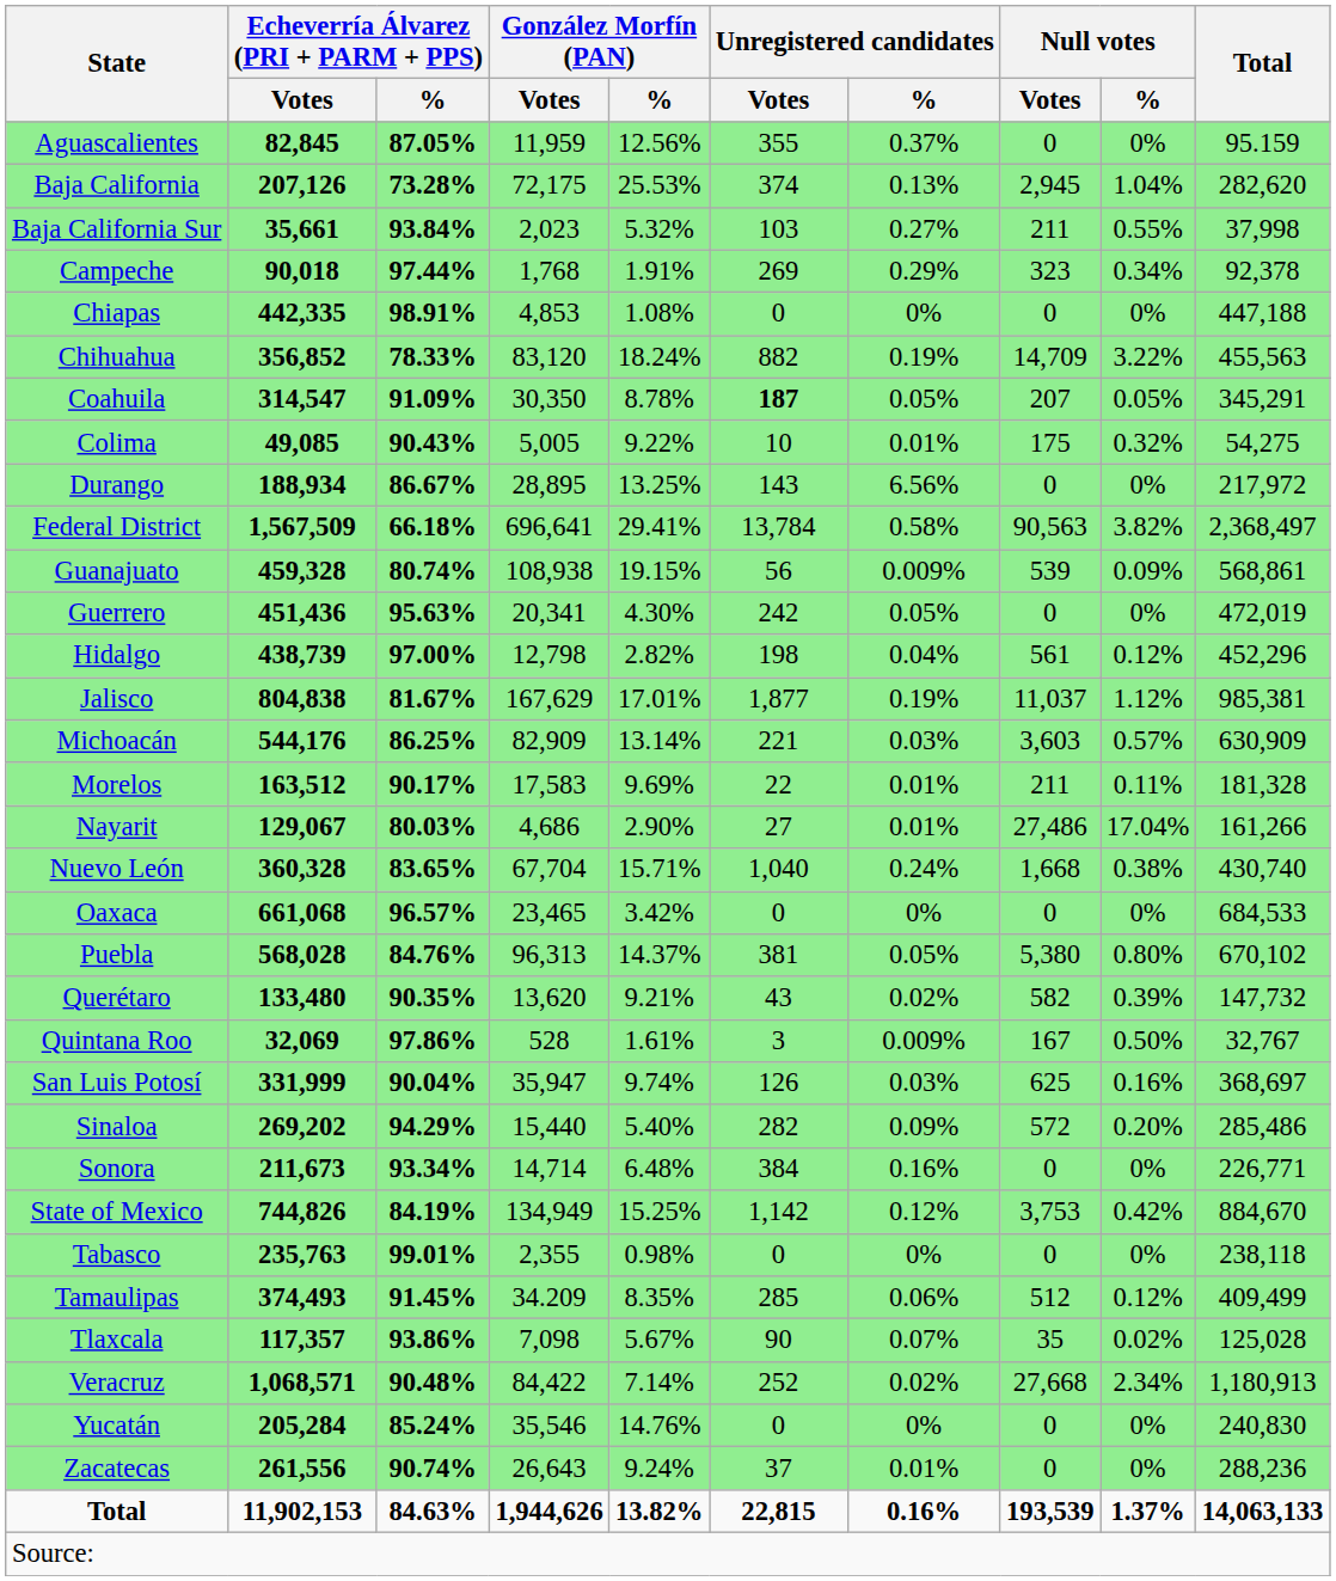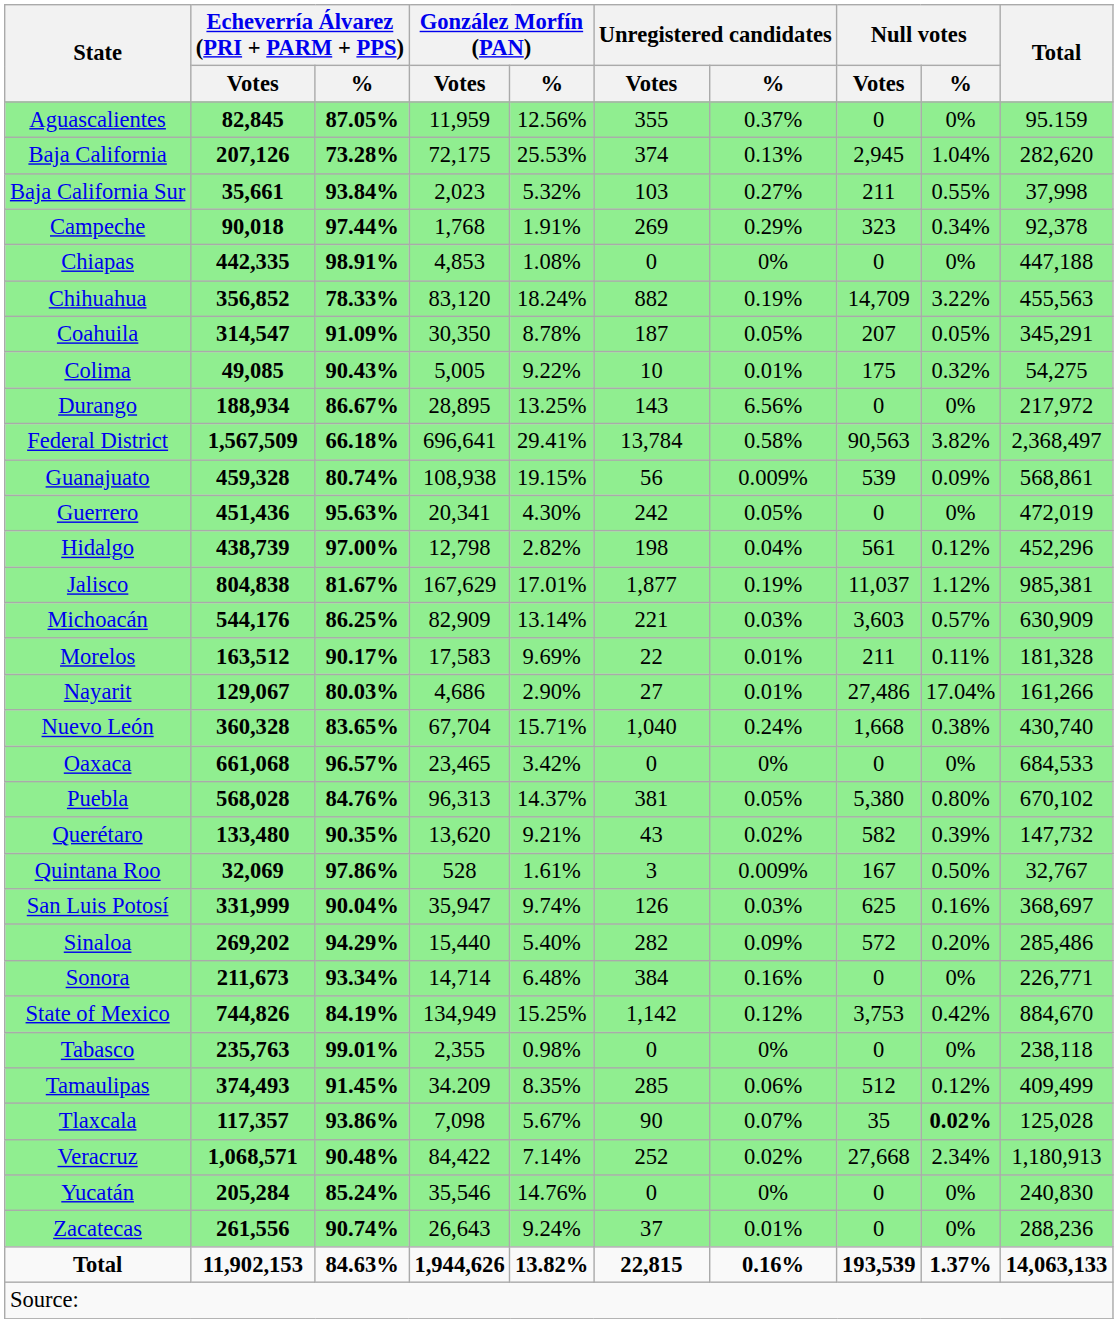 <table class="wikitable sortable"  style="text-align: center;">
 <tr>
 <th rowspan=2>State</th>
 <th colspan=2><a href='#'>Echeverría Álvarez</a><br>(<a href='#'>PRI</a> + <a href='#'>PARM</a> + <a href='#'>PPS</a>)</th>
 <th colspan=2><a href='#'>González Morfín</a><br>(<a href='#'>PAN</a>)</th>
 <th colspan=2>Unregistered candidates</th>
 <th colspan=2>Null votes</th>
 <th rowspan=2 colspan=1>Total</th>
 </tr>
 <tr>
 <th>Votes</th>
 <th>%</th>
 <th>Votes</th>
 <th>%</th>
 <th>Votes</th>
 <th>%</th>
 <th>Votes</th>
 <th>%</th>
 </tr>
 <tr bgcolor=lightgreen>
 <td><a href='#'>Aguascalientes</a></td>
 <td><strong>82,845</strong></td>
 <td><strong>87.05%</strong></td>
 <td>11,959</td>
 <td>12.56%</td>
 <td>355</td>
 <td>0.37%</td>
 <td>0</td>
 <td>0%</td>
 <td>95.159</td>
 </tr>
 <tr bgcolor=lightgreen>
 <td><a href='#'>Baja California</a></td>
 <td><strong>207,126</strong></td>
 <td><strong>73.28%</strong></td>
 <td>72,175</td>
 <td>25.53%</td>
 <td>374</td>
 <td>0.13%</td>
 <td>2,945</td>
 <td>1.04%</td>
 <td>282,620</td>
 </tr>
 <tr bgcolor=lightgreen>
 <td><a href='#'>Baja California Sur</a></td>
 <td><strong>35,661</strong></td>
 <td><strong>93.84%</strong></td>
 <td>2,023</td>
 <td>5.32%</td>
 <td>103</td>
 <td>0.27%</td>
 <td>211</td>
 <td>0.55%</td>
 <td>37,998</td>
 </tr>
 <tr bgcolor=lightgreen>
 <td><a href='#'>Campeche</a></td>
 <td><strong>90,018</strong></td>
 <td><strong>97.44%</strong></td>
 <td>1,768</td>
 <td>1.91%</td>
 <td>269</td>
 <td>0.29%</td>
 <td>323</td>
 <td>0.34%</td>
 <td>92,378</td>
 </tr>
 <tr bgcolor=lightgreen>
 <td><a href='#'>Chiapas</a></td>
 <td><strong>442,335</strong></td>
 <td><strong>98.91%</strong></td>
 <td>4,853</td>
 <td>1.08%</td>
 <td>0</td>
 <td>0%</td>
 <td>0</td>
 <td>0%</td>
 <td>447,188</td>
 </tr>
 <tr bgcolor=lightgreen>
 <td><a href='#'>Chihuahua</a></td>
 <td><strong>356,852</strong></td>
 <td><strong>78.33%</strong></td>
 <td>83,120</td>
 <td>18.24%</td>
 <td>882</td>
 <td>0.19%</td>
 <td>14,709</td>
 <td>3.22%</td>
 <td>455,563</td>
 </tr>
 <tr bgcolor=lightgreen>
 <td><a href='#'>Coahuila</a></td>
 <td><strong>314,547</strong></td>
 <td><strong>91.09%</strong></td>
 <td>30,350</td>
 <td>8.78%</td>
-<td><strong>187</strong></td>
+<td>187</td>
 <td>0.05%</td>
 <td>207</td>
 <td>0.05%</td>
 <td>345,291</td>
 </tr>
 <tr bgcolor=lightgreen>
 <td><a href='#'>Colima</a></td>
 <td><strong>49,085</strong></td>
 <td><strong>90.43%</strong></td>
 <td>5,005</td>
 <td>9.22%</td>
 <td>10</td>
 <td>0.01%</td>
 <td>175</td>
 <td>0.32%</td>
 <td>54,275</td>
 </tr>
 <tr bgcolor=lightgreen>
 <td><a href='#'>Durango</a></td>
 <td><strong>188,934</strong></td>
 <td><strong>86.67%</strong></td>
 <td>28,895</td>
 <td>13.25%</td>
 <td>143</td>
 <td>6.56%</td>
 <td>0</td>
 <td>0%</td>
 <td>217,972</td>
 </tr>
 <tr bgcolor=lightgreen>
 <td><a href='#'>Federal District</a></td>
 <td><strong>1,567,509</strong></td>
 <td><strong>66.18%</strong></td>
 <td>696,641</td>
 <td>29.41%</td>
 <td>13,784</td>
 <td>0.58%</td>
 <td>90,563</td>
 <td>3.82%</td>
 <td>2,368,497</td>
 </tr>
 <tr bgcolor=lightgreen>
 <td><a href='#'>Guanajuato</a></td>
 <td><strong>459,328</strong></td>
 <td><strong>80.74%</strong></td>
 <td>108,938</td>
 <td>19.15%</td>
 <td>56</td>
 <td>0.009%</td>
 <td>539</td>
 <td>0.09%</td>
 <td>568,861</td>
 </tr>
 <tr bgcolor=lightgreen>
 <td><a href='#'>Guerrero</a></td>
 <td><strong>451,436</strong></td>
 <td><strong>95.63%</strong></td>
 <td>20,341</td>
 <td>4.30%</td>
 <td>242</td>
 <td>0.05%</td>
 <td>0</td>
 <td>0%</td>
 <td>472,019</td>
 </tr>
 <tr bgcolor=lightgreen>
 <td><a href='#'>Hidalgo</a></td>
 <td><strong>438,739</strong></td>
 <td><strong>97.00%</strong></td>
 <td>12,798</td>
 <td>2.82%</td>
 <td>198</td>
 <td>0.04%</td>
 <td>561</td>
 <td>0.12%</td>
 <td>452,296</td>
 </tr>
 <tr bgcolor=lightgreen>
 <td><a href='#'>Jalisco</a></td>
 <td><strong>804,838</strong></td>
 <td><strong>81.67%</strong></td>
 <td>167,629</td>
 <td>17.01%</td>
 <td>1,877</td>
 <td>0.19%</td>
 <td>11,037</td>
 <td>1.12%</td>
 <td>985,381</td>
 </tr>
 <tr bgcolor=lightgreen>
 <td><a href='#'>Michoacán</a></td>
 <td><strong>544,176</strong></td>
 <td><strong>86.25%</strong></td>
 <td>82,909</td>
 <td>13.14%</td>
 <td>221</td>
 <td>0.03%</td>
 <td>3,603</td>
 <td>0.57%</td>
 <td>630,909</td>
 </tr>
 <tr bgcolor=lightgreen>
 <td><a href='#'>Morelos</a></td>
 <td><strong>163,512</strong></td>
 <td><strong>90.17%</strong></td>
 <td>17,583</td>
 <td>9.69%</td>
 <td>22</td>
 <td>0.01%</td>
 <td>211</td>
 <td>0.11%</td>
 <td>181,328</td>
 </tr>
 <tr bgcolor=lightgreen>
 <td><a href='#'>Nayarit</a></td>
 <td><strong>129,067</strong></td>
 <td><strong>80.03%</strong></td>
 <td>4,686</td>
 <td>2.90%</td>
 <td>27</td>
 <td>0.01%</td>
 <td>27,486</td>
 <td>17.04%</td>
 <td>161,266</td>
 </tr>
 <tr bgcolor=lightgreen>
 <td><a href='#'>Nuevo León</a></td>
 <td><strong>360,328</strong></td>
 <td><strong>83.65%</strong></td>
 <td>67,704</td>
 <td>15.71%</td>
 <td>1,040</td>
 <td>0.24%</td>
 <td>1,668</td>
 <td>0.38%</td>
 <td>430,740</td>
 </tr>
 <tr bgcolor=lightgreen>
 <td><a href='#'>Oaxaca</a></td>
 <td><strong>661,068</strong></td>
 <td><strong>96.57%</strong></td>
 <td>23,465</td>
 <td>3.42%</td>
 <td>0</td>
 <td>0%</td>
 <td>0</td>
 <td>0%</td>
 <td>684,533</td>
 </tr>
 <tr bgcolor=lightgreen>
 <td><a href='#'>Puebla</a></td>
 <td><strong>568,028</strong></td>
 <td><strong>84.76%</strong></td>
 <td>96,313</td>
 <td>14.37%</td>
 <td>381</td>
 <td>0.05%</td>
 <td>5,380</td>
 <td>0.80%</td>
 <td>670,102</td>
 </tr>
 <tr bgcolor=lightgreen>
 <td><a href='#'>Querétaro</a></td>
 <td><strong>133,480</strong></td>
 <td><strong>90.35%</strong></td>
 <td>13,620</td>
 <td>9.21%</td>
 <td>43</td>
 <td>0.02%</td>
 <td>582</td>
 <td>0.39%</td>
 <td>147,732</td>
 </tr>
 <tr bgcolor=lightgreen>
 <td><a href='#'>Quintana Roo</a></td>
 <td><strong>32,069</strong></td>
 <td><strong>97.86%</strong></td>
 <td>528</td>
 <td>1.61%</td>
 <td>3</td>
 <td>0.009%</td>
 <td>167</td>
 <td>0.50%</td>
 <td>32,767</td>
 </tr>
 <tr bgcolor=lightgreen>
 <td><a href='#'>San Luis Potosí</a></td>
 <td><strong>331,999</strong></td>
 <td><strong>90.04%</strong></td>
 <td>35,947</td>
 <td>9.74%</td>
 <td>126</td>
 <td>0.03%</td>
 <td>625</td>
 <td>0.16%</td>
 <td>368,697</td>
 </tr>
 <tr bgcolor=lightgreen>
 <td><a href='#'>Sinaloa</a></td>
 <td><strong>269,202</strong></td>
 <td><strong>94.29%</strong></td>
 <td>15,440</td>
 <td>5.40%</td>
 <td>282</td>
 <td>0.09%</td>
 <td>572</td>
 <td>0.20%</td>
 <td>285,486</td>
 </tr>
 <tr bgcolor=lightgreen>
 <td><a href='#'>Sonora</a></td>
 <td><strong>211,673</strong></td>
 <td><strong>93.34%</strong></td>
 <td>14,714</td>
 <td>6.48%</td>
 <td>384</td>
 <td>0.16%</td>
 <td>0</td>
 <td>0%</td>
 <td>226,771</td>
 </tr>
 <tr bgcolor=lightgreen>
 <td><a href='#'>State of Mexico</a></td>
 <td><strong>744,826</strong></td>
 <td><strong>84.19%</strong></td>
 <td>134,949</td>
 <td>15.25%</td>
 <td>1,142</td>
 <td>0.12%</td>
 <td>3,753</td>
 <td>0.42%</td>
 <td>884,670</td>
 </tr>
 <tr bgcolor=lightgreen>
 <td><a href='#'>Tabasco</a></td>
 <td><strong>235,763</strong></td>
 <td><strong>99.01%</strong></td>
 <td>2,355</td>
 <td>0.98%</td>
 <td>0</td>
 <td>0%</td>
 <td>0</td>
 <td>0%</td>
 <td>238,118</td>
 </tr>
 <tr bgcolor=lightgreen>
 <td><a href='#'>Tamaulipas</a></td>
 <td><strong>374,493</strong></td>
 <td><strong>91.45%</strong></td>
 <td>34.209</td>
 <td>8.35%</td>
 <td>285</td>
 <td>0.06%</td>
 <td>512</td>
 <td>0.12%</td>
 <td>409,499</td>
 </tr>
 <tr bgcolor=lightgreen>
 <td><a href='#'>Tlaxcala</a></td>
 <td><strong>117,357</strong></td>
 <td><strong>93.86%</strong></td>
 <td>7,098</td>
 <td>5.67%</td>
 <td>90</td>
 <td>0.07%</td>
 <td>35</td>
-<td>0.02%</td>
+<td><strong>0.02%</strong></td>
 <td>125,028</td>
 </tr>
 <tr bgcolor=lightgreen>
 <td><a href='#'>Veracruz</a></td>
 <td><strong>1,068,571</strong></td>
 <td><strong>90.48%</strong></td>
 <td>84,422</td>
 <td>7.14%</td>
 <td>252</td>
 <td>0.02%</td>
 <td>27,668</td>
 <td>2.34%</td>
 <td>1,180,913</td>
 </tr>
 <tr bgcolor=lightgreen>
 <td><a href='#'>Yucatán</a></td>
 <td><strong>205,284</strong></td>
 <td><strong>85.24%</strong></td>
 <td>35,546</td>
 <td>14.76%</td>
 <td>0</td>
 <td>0%</td>
 <td>0</td>
 <td>0%</td>
 <td>240,830</td>
 </tr>
 <tr bgcolor=lightgreen>
 <td><a href='#'>Zacatecas</a></td>
 <td><strong>261,556</strong></td>
 <td><strong>90.74%</strong></td>
 <td>26,643</td>
 <td>9.24%</td>
 <td>37</td>
 <td>0.01%</td>
 <td>0</td>
 <td>0%</td>
 <td>288,236</td>
 </tr>
 <tr style="font-weight:bold">
 <td>Total</td>
 <td>11,902,153</td>
 <td>84.63%</td>
 <td>1,944,626</td>
 <td>13.82%</td>
 <td>22,815</td>
 <td>0.16%</td>
 <td>193,539</td>
 <td>1.37%</td>
 <td>14,063,133</td>
 </tr>
 <tr>
 <td colspan=10 align=left>Source: </td>
 </tr>
 </table>
